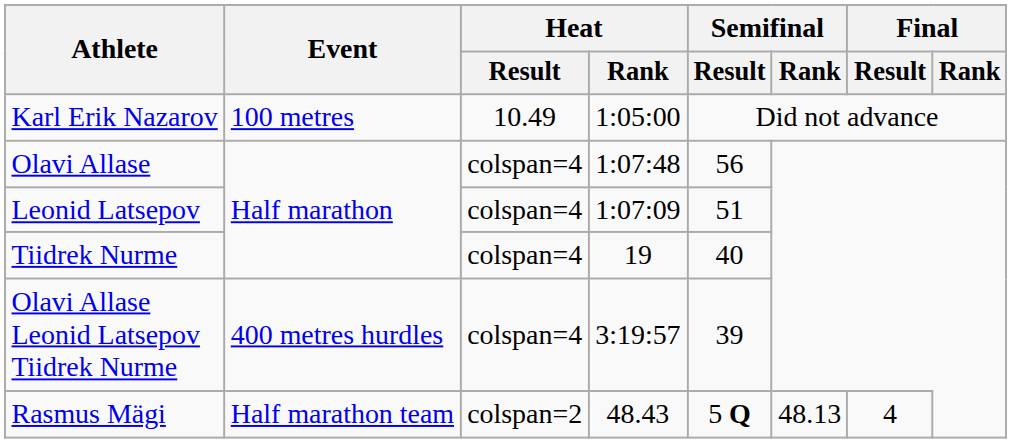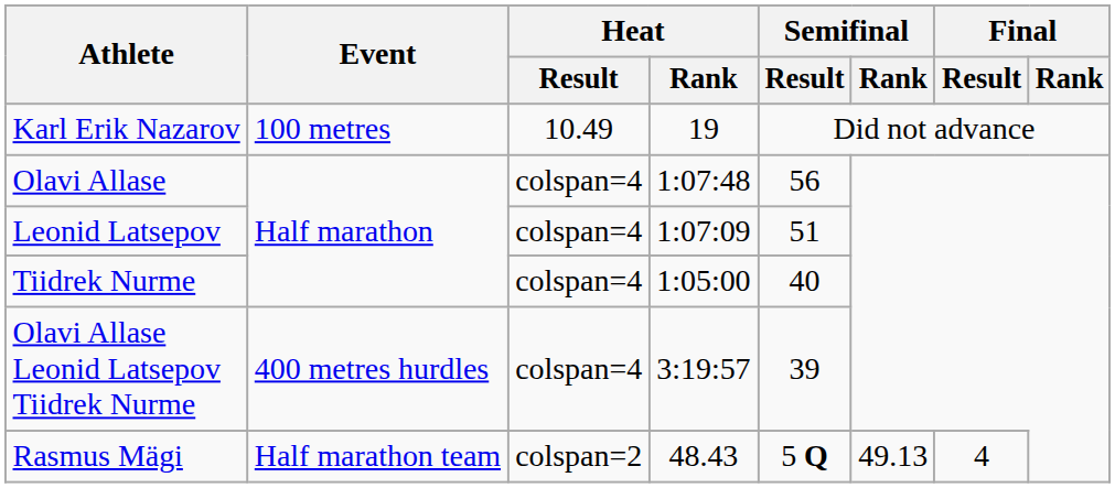 <table class=wikitable style=font-size:90%>
 <tr>
 <th rowspan=2>Athlete</th>
 <th rowspan=2>Event</th>
 <th colspan=2>Heat</th>
 <th colspan=2>Semifinal</th>
 <th colspan=2>Final</th>
 </tr>
 <tr style=font-size:95%>
 <th>Result</th>
 <th>Rank</th>
 <th>Result</th>
 <th>Rank</th>
 <th>Result</th>
 <th>Rank</th>
 </tr>
 <tr align=center>
 <td align=left><a href='#'>Karl Erik Nazarov</a></td>
 <td align=left><a href='#'>100 metres</a></td>
 <td>10.49 </td>
-<td>1:05:00 </td>
+<td>19</td>
 <td colspan=4>Did not advance</td>
 </tr>
 <tr align=center>
 <td align=left><a href='#'>Olavi Allase</a></td>
 <td align=left rowspan=3><a href='#'>Half marathon</a></td>
 <td>colspan=4</td>
 <td>1:07:48</td>
 <td>56</td>
 </tr>
 <tr align=center>
 <td align=left><a href='#'>Leonid Latsepov</a></td>
 <td>colspan=4</td>
 <td>1:07:09</td>
 <td>51</td>
 </tr>
 <tr align=center>
 <td align=left><a href='#'>Tiidrek Nurme</a></td>
 <td>colspan=4</td>
-<td>19</td>
+<td>1:05:00 </td>
 <td>40</td>
 </tr>
 <tr align=center>
 <td align=left><a href='#'>Olavi Allase</a><br><a href='#'>Leonid Latsepov</a><br><a href='#'>Tiidrek Nurme</a></td>
 <td align=left><a href='#'>400 metres hurdles</a></td>
 <td>colspan=4</td>
 <td>3:19:57</td>
 <td>39</td>
 </tr>
 <tr align=center>
 <td align=left><a href='#'>Rasmus Mägi</a></td>
 <td align=left><a href='#'>Half marathon team</a></td>
 <td>colspan=2</td>
 <td>48.43 </td>
 <td>5 <strong>Q</strong></td>
-<td>48.13 </td>
+<td>49.13 </td>
 <td>4</td>
 </tr>
 </table>
